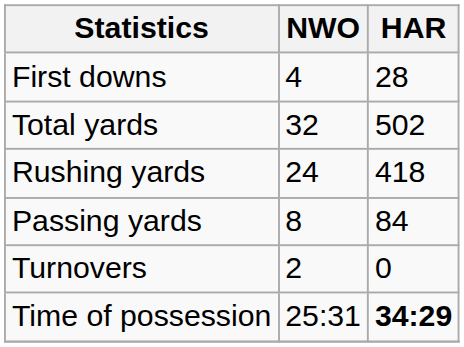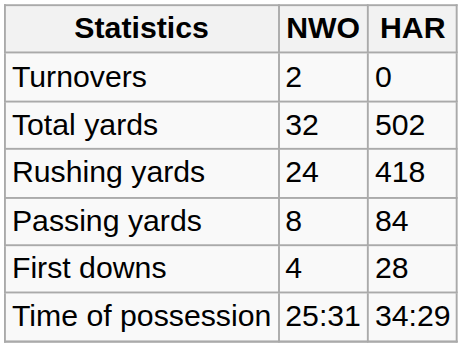 <table class="wikitable" style="float: left;">
 <tr>
 <th>Statistics</th>
 <th>NWO</th>
 <th>HAR</th>
 </tr>
 <tr>
-<td>First downs</td>
-<td>4</td>
-<td>28</td>
+<td>Turnovers</td>
+<td>2</td>
+<td>0</td>
 </tr>
 <tr>
 <td>Total yards</td>
 <td>32</td>
 <td>502</td>
 </tr>
 <tr>
 <td>Rushing yards</td>
 <td>24</td>
 <td>418</td>
 </tr>
 <tr>
 <td>Passing yards</td>
 <td>8</td>
 <td>84</td>
 </tr>
 <tr>
-<td>Turnovers</td>
-<td>2</td>
-<td>0</td>
+<td>First downs</td>
+<td>4</td>
+<td>28</td>
 </tr>
 <tr>
 <td>Time of possession</td>
 <td>25:31</td>
-<td><strong>34:29</strong></td>
+<td>34:29</td>
 </tr>
 <tr>
 </tr>
 </table>
